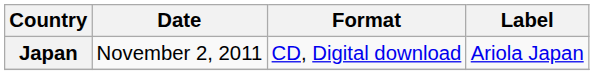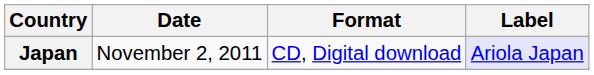 <table class="wikitable plainrowheaders">
 <tr>
 <th scope="col">Country</th>
 <th>Date</th>
 <th>Format</th>
 <th>Label</th>
 </tr>
 <tr>
 <th scope="row">Japan</th>
 <td>November 2, 2011</td>
 <td><a href='#'>CD</a>, <a href='#'>Digital download</a></td>
-<td><a href='#'>Ariola Japan</a></td>
+<td style="background: lavender;"><a href='#'>Ariola Japan</a></td>
 </tr>
 <tr>
 </tr>
 </table>
